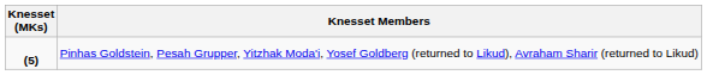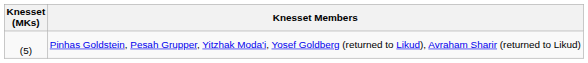 <table class="wikitable" style="text-align:center;">
 <tr>
 <th>Knesset<br>(MKs)</th>
 <th>Knesset Members</th>
 </tr>
 <tr>
-<td><strong><br>(5)</strong></td>
+<td><br>(5)</td>
 <td align=left><a href='#'>Pinhas Goldstein</a>, <a href='#'>Pesah Grupper</a>, <a href='#'>Yitzhak Moda'i</a>, <a href='#'>Yosef Goldberg</a> (returned to <a href='#'>Likud</a>), <a href='#'>Avraham Sharir</a> (returned to Likud)</td>
 </tr>
 </table>
